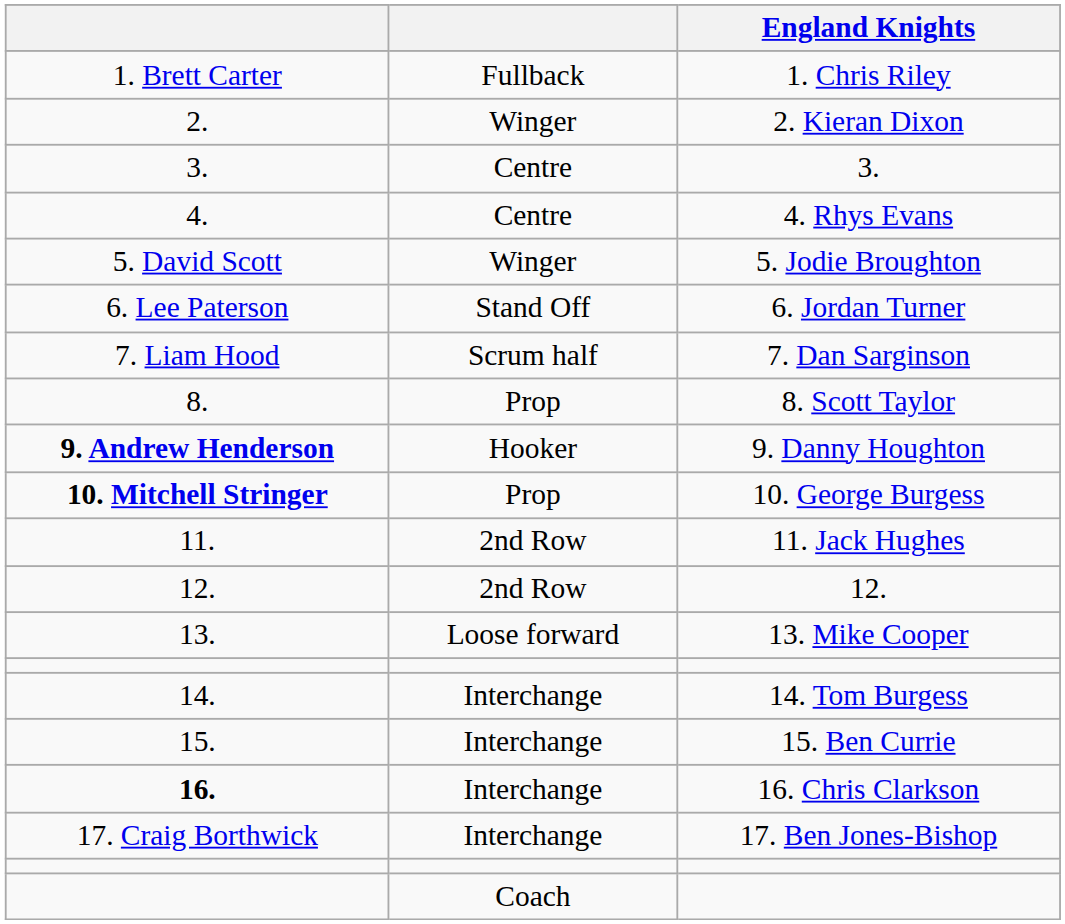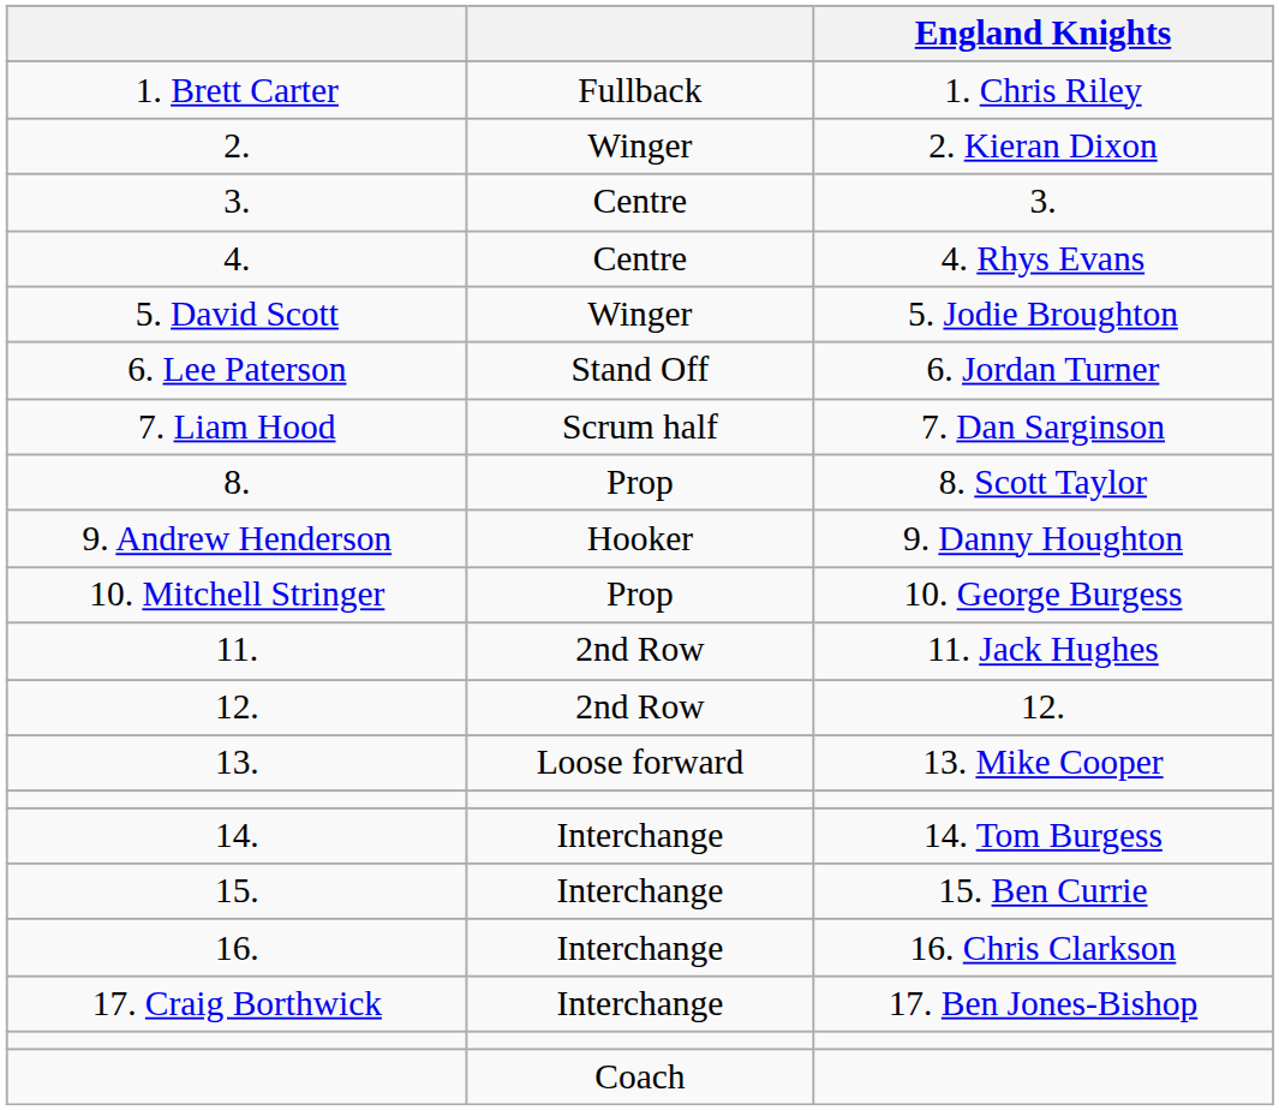 <table class="wikitable" style="margin: 1em auto 1em auto">
 <tr>
 <th width="200"></th>
 <th width="150"></th>
 <th width="200"> <a href='#'>England Knights</a></th>
 </tr>
 <tr>
 <td align="center" colspan="1">1. <a href='#'>Brett Carter</a></td>
 <td align="center" colspan="1">Fullback</td>
 <td align="center" colspan="1">1. <a href='#'>Chris Riley</a></td>
 </tr>
 <tr>
 <td align="center" colspan="1">2.</td>
 <td align="center" colspan="1">Winger</td>
 <td align="center" colspan="1">2. <a href='#'>Kieran Dixon</a></td>
 </tr>
 <tr>
 <td align="center" colspan="1">3.</td>
 <td align="center" colspan="1">Centre</td>
 <td align="center" colspan="1">3.</td>
 </tr>
 <tr>
 <td align="center" colspan="1">4.</td>
 <td align="center" colspan="1">Centre</td>
 <td align="center" colspan="1">4. <a href='#'>Rhys Evans</a></td>
 </tr>
 <tr>
 <td align="center" colspan="1">5. <a href='#'>David Scott</a></td>
 <td align="center" colspan="1">Winger</td>
 <td align="center" colspan="1">5. <a href='#'>Jodie Broughton</a></td>
 </tr>
 <tr>
 <td align="center" colspan="1">6. <a href='#'>Lee Paterson</a></td>
 <td align="center" colspan="1">Stand Off</td>
 <td align="center" colspan="1">6. <a href='#'>Jordan Turner</a></td>
 </tr>
 <tr>
 <td align="center" colspan="1">7. <a href='#'>Liam Hood</a></td>
 <td align="center" colspan="1">Scrum half</td>
 <td align="center" colspan="1">7. <a href='#'>Dan Sarginson</a></td>
 </tr>
 <tr>
 <td align="center" colspan="1">8.</td>
 <td align="center" colspan="1">Prop</td>
 <td align="center" colspan="1">8. <a href='#'>Scott Taylor</a></td>
 </tr>
 <tr>
-<td align="center" colspan="1"><strong>9. <a href='#'>Andrew Henderson</a></strong></td>
+<td align="center" colspan="1">9. <a href='#'>Andrew Henderson</a></td>
 <td align="center" colspan="1">Hooker</td>
 <td align="center" colspan="1">9. <a href='#'>Danny Houghton</a></td>
 </tr>
 <tr>
-<td align="center" colspan="1"><strong>10. <a href='#'>Mitchell Stringer</a></strong></td>
+<td align="center" colspan="1">10. <a href='#'>Mitchell Stringer</a></td>
 <td align="center" colspan="1">Prop</td>
 <td align="center" colspan="1">10. <a href='#'>George Burgess</a></td>
 </tr>
 <tr>
 <td align="center" colspan="1">11.</td>
 <td align="center" colspan="1">2nd Row</td>
 <td align="center" colspan="1">11. <a href='#'>Jack Hughes</a></td>
 </tr>
 <tr>
 <td align="center" colspan="1">12.</td>
 <td align="center" colspan="1">2nd Row</td>
 <td align="center" colspan="1">12.</td>
 </tr>
 <tr>
 <td align="center" colspan="1">13.</td>
 <td align="center" colspan="1">Loose forward</td>
 <td align="center" colspan="1">13. <a href='#'>Mike Cooper</a></td>
 </tr>
 <tr>
 <td align="center" colspan="1"></td>
 <td align="center" colspan="1"></td>
 <td align="center" colspan="1"></td>
 </tr>
 <tr>
 <td align="center" colspan="1">14.</td>
 <td align="center" colspan="1">Interchange</td>
 <td align="center" colspan="1">14. <a href='#'>Tom Burgess</a></td>
 </tr>
 <tr>
 <td align="center" colspan="1">15.</td>
 <td align="center" colspan="1">Interchange</td>
 <td align="center" colspan="1">15. <a href='#'>Ben Currie</a></td>
 </tr>
 <tr>
-<td align="center" colspan="1"><strong>16.</strong></td>
+<td align="center" colspan="1">16.</td>
 <td align="center" colspan="1">Interchange</td>
 <td align="center" colspan="1">16. <a href='#'>Chris Clarkson</a></td>
 </tr>
 <tr>
 <td align="center" colspan="1">17. <a href='#'>Craig Borthwick</a></td>
 <td align="center" colspan="1">Interchange</td>
 <td align="center" colspan="1">17. <a href='#'>Ben Jones-Bishop</a></td>
 </tr>
 <tr>
 <td align="center" colspan="1"></td>
 <td align="center" colspan="1"></td>
 <td align="center" colspan="1"></td>
 </tr>
 <tr>
 <td align="center" colspan="1"></td>
 <td align="center" colspan="1">Coach</td>
 <td align="center" colspan="1"></td>
 </tr>
 </table>
